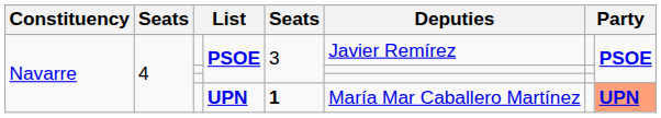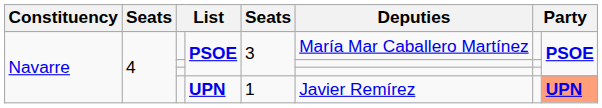 <table class="wikitable sortable">
 <tr>
 <th>Constituency</th>
 <th>Seats</th>
 <th colspan="2">List</th>
 <th>Seats</th>
 <th>Deputies</th>
 <th colspan="2">Party</th>
 </tr>
 <tr>
 <td rowspan="4"><a href='#'>Navarre</a></td>
 <td rowspan="4">4</td>
 <td width="1"></td>
 <td rowspan="3"><strong><a href='#'>PSOE</a></strong></td>
 <td rowspan="3">3</td>
-<td><a href='#'>Javier Remírez</a></td>
+<td><a href='#'>María Mar Caballero Martínez</a></td>
 <td width="1"></td>
 <td rowspan="3"><strong><a href='#'>PSOE</a></strong></td>
 </tr>
 <tr>
 <td width="1"></td>
 <td></td>
 <td width="1"></td>
 </tr>
 <tr>
 <td width="1"></td>
 <td></td>
 <td width="1"></td>
 </tr>
 <tr>
 <td></td>
 <td><strong><a href='#'>UPN</a></strong></td>
-<td><strong>1</strong></td>
-<td><a href='#'>María Mar Caballero Martínez</a></td>
+<td>1</td>
+<td><a href='#'>Javier Remírez</a></td>
 <td></td>
 <td style="background: lightsalmon;"><strong><a href='#'>UPN</a></strong></td>
 </tr>
 </table>
